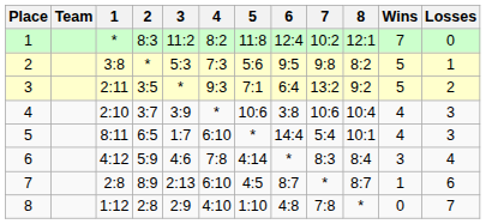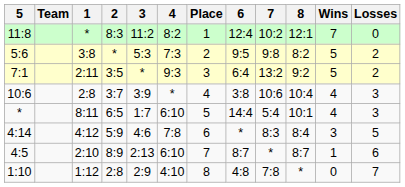 <table class="wikitable" style="text-align:center;">
 <tr>
-<th>Place</th>
+<th width="25">5</th>
 <th>Team</th>
 <th width="25">1</th>
 <th width="25">2</th>
 <th width="25">3</th>
 <th width="25">4</th>
-<th width="25">5</th>
+<th>Place</th>
 <th width="25">6</th>
 <th width="25">7</th>
 <th width="25">8</th>
 <th>Wins</th>
 <th>Losses</th>
 </tr>
 <tr bgcolor=#cfc>
-<td>1</td>
+<td>11:8</td>
 <td align=left></td>
 <td>*</td>
 <td>8:3</td>
 <td>11:2</td>
 <td>8:2</td>
-<td>11:8</td>
+<td>1</td>
 <td>12:4</td>
 <td>10:2</td>
 <td>12:1</td>
 <td>7</td>
 <td>0</td>
 </tr>
 <tr bgcolor=#ffc>
-<td>2</td>
+<td>5:6</td>
 <td align=left></td>
 <td>3:8</td>
 <td>*</td>
 <td>5:3</td>
 <td>7:3</td>
-<td>5:6</td>
+<td>2</td>
 <td>9:5</td>
 <td>9:8</td>
 <td>8:2</td>
 <td>5</td>
-<td>1</td>
+<td>2</td>
 </tr>
 <tr bgcolor=#ffc>
-<td>3</td>
+<td>7:1</td>
 <td align=left></td>
 <td>2:11</td>
 <td>3:5</td>
 <td>*</td>
 <td>9:3</td>
-<td>7:1</td>
+<td>3</td>
 <td>6:4</td>
 <td>13:2</td>
 <td>9:2</td>
 <td>5</td>
 <td>2</td>
 </tr>
 <tr>
-<td>4</td>
+<td>10:6</td>
 <td align=left></td>
-<td>2:10</td>
+<td>2:8</td>
 <td>3:7</td>
 <td>3:9</td>
 <td>*</td>
-<td>10:6</td>
+<td>4</td>
 <td>3:8</td>
 <td>10:6</td>
 <td>10:4</td>
 <td>4</td>
 <td>3</td>
 </tr>
 <tr>
-<td>5</td>
+<td>*</td>
 <td align=left></td>
 <td>8:11</td>
 <td>6:5</td>
 <td>1:7</td>
 <td>6:10</td>
-<td>*</td>
+<td>5</td>
 <td>14:4</td>
 <td>5:4</td>
 <td>10:1</td>
 <td>4</td>
 <td>3</td>
 </tr>
 <tr>
-<td>6</td>
+<td>4:14</td>
 <td align=left></td>
 <td>4:12</td>
 <td>5:9</td>
 <td>4:6</td>
 <td>7:8</td>
-<td>4:14</td>
+<td>6</td>
 <td>*</td>
 <td>8:3</td>
 <td>8:4</td>
 <td>3</td>
-<td>4</td>
+<td>5</td>
 </tr>
 <tr>
-<td>7</td>
+<td>4:5</td>
 <td align=left></td>
-<td>2:8</td>
+<td>2:10</td>
 <td>8:9</td>
 <td>2:13</td>
 <td>6:10</td>
-<td>4:5</td>
+<td>7</td>
 <td>8:7</td>
 <td>*</td>
 <td>8:7</td>
 <td>1</td>
 <td>6</td>
 </tr>
 <tr>
-<td>8</td>
+<td>1:10</td>
 <td align=left></td>
 <td>1:12</td>
 <td>2:8</td>
 <td>2:9</td>
 <td>4:10</td>
-<td>1:10</td>
+<td>8</td>
 <td>4:8</td>
 <td>7:8</td>
 <td>*</td>
 <td>0</td>
 <td>7</td>
 </tr>
 </table>
